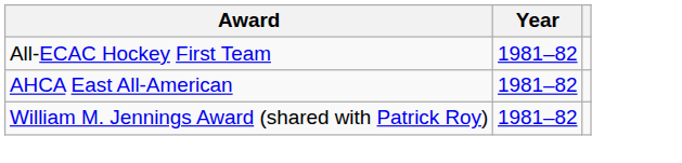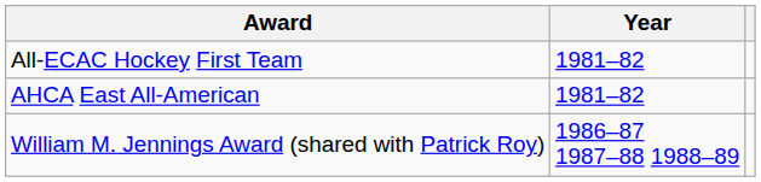 <table class="wikitable">
 <tr>
 <th>Award</th>
 <th>Year</th>
 <th></th>
 </tr>
 <tr>
 <td>All-<a href='#'>ECAC Hockey</a> <a href='#'>First Team</a></td>
 <td><a href='#'>1981–82</a></td>
 <td></td>
 </tr>
 <tr>
 <td><a href='#'>AHCA</a> <a href='#'>East All-American</a></td>
 <td><a href='#'>1981–82</a></td>
 <td></td>
 </tr>
 <tr>
 <td rowspan="3"><a href='#'>William M. Jennings Award</a> (shared with <a href='#'>Patrick Roy</a>)</td>
-<td><a href='#'>1981–82</a></td>
+<td><a href='#'>1986–87</a><br><a href='#'>1987–88</a> <a href='#'>1988–89</a></td>
 <td></td>
 </tr>
 </table>
